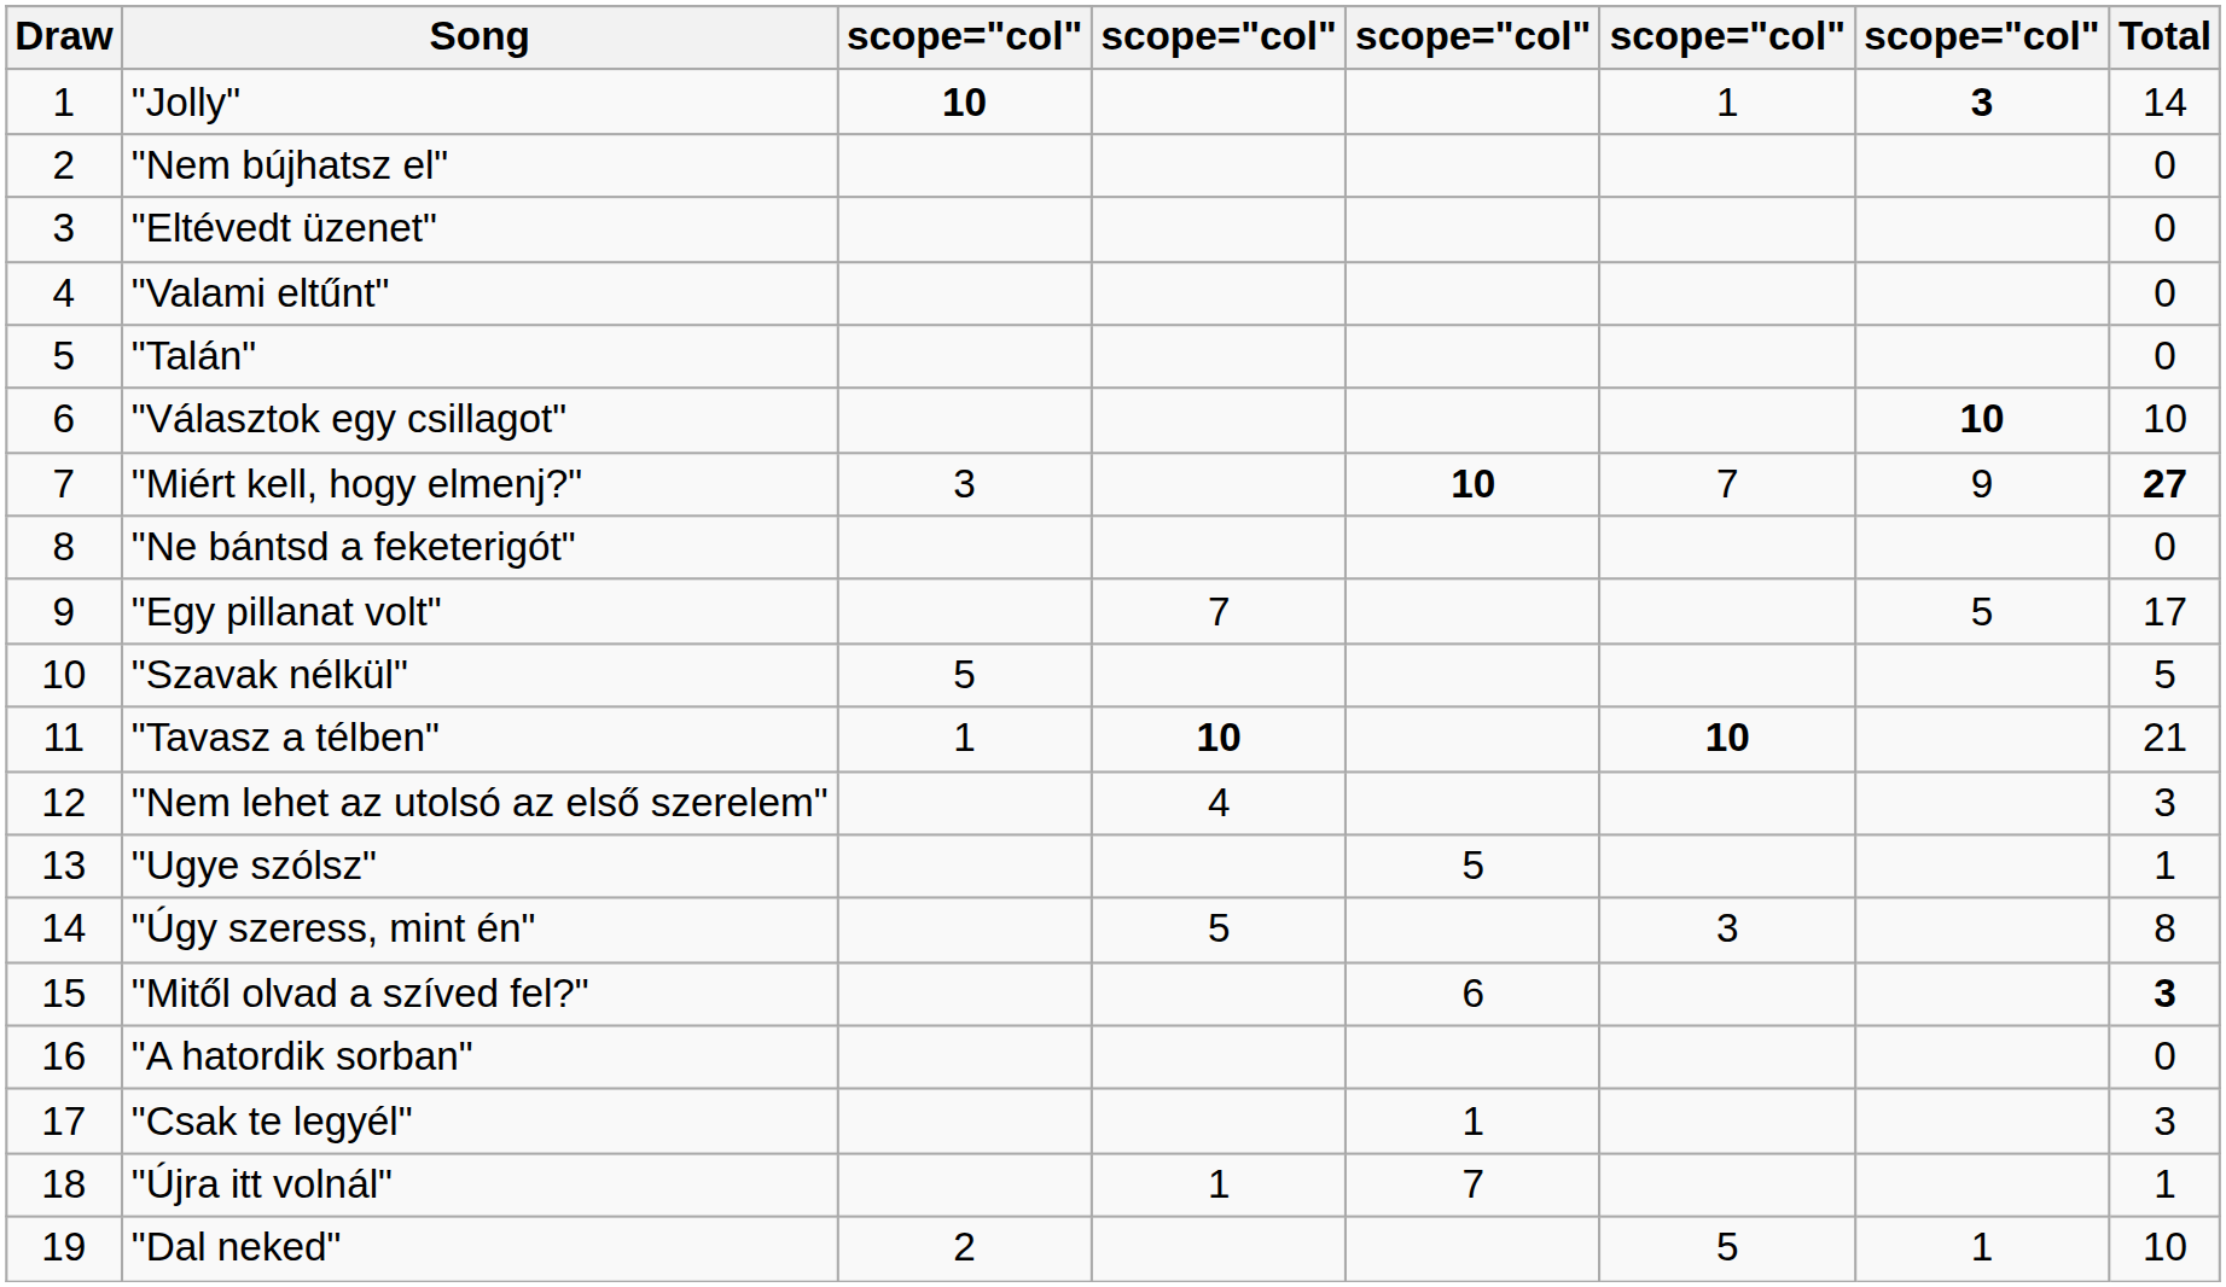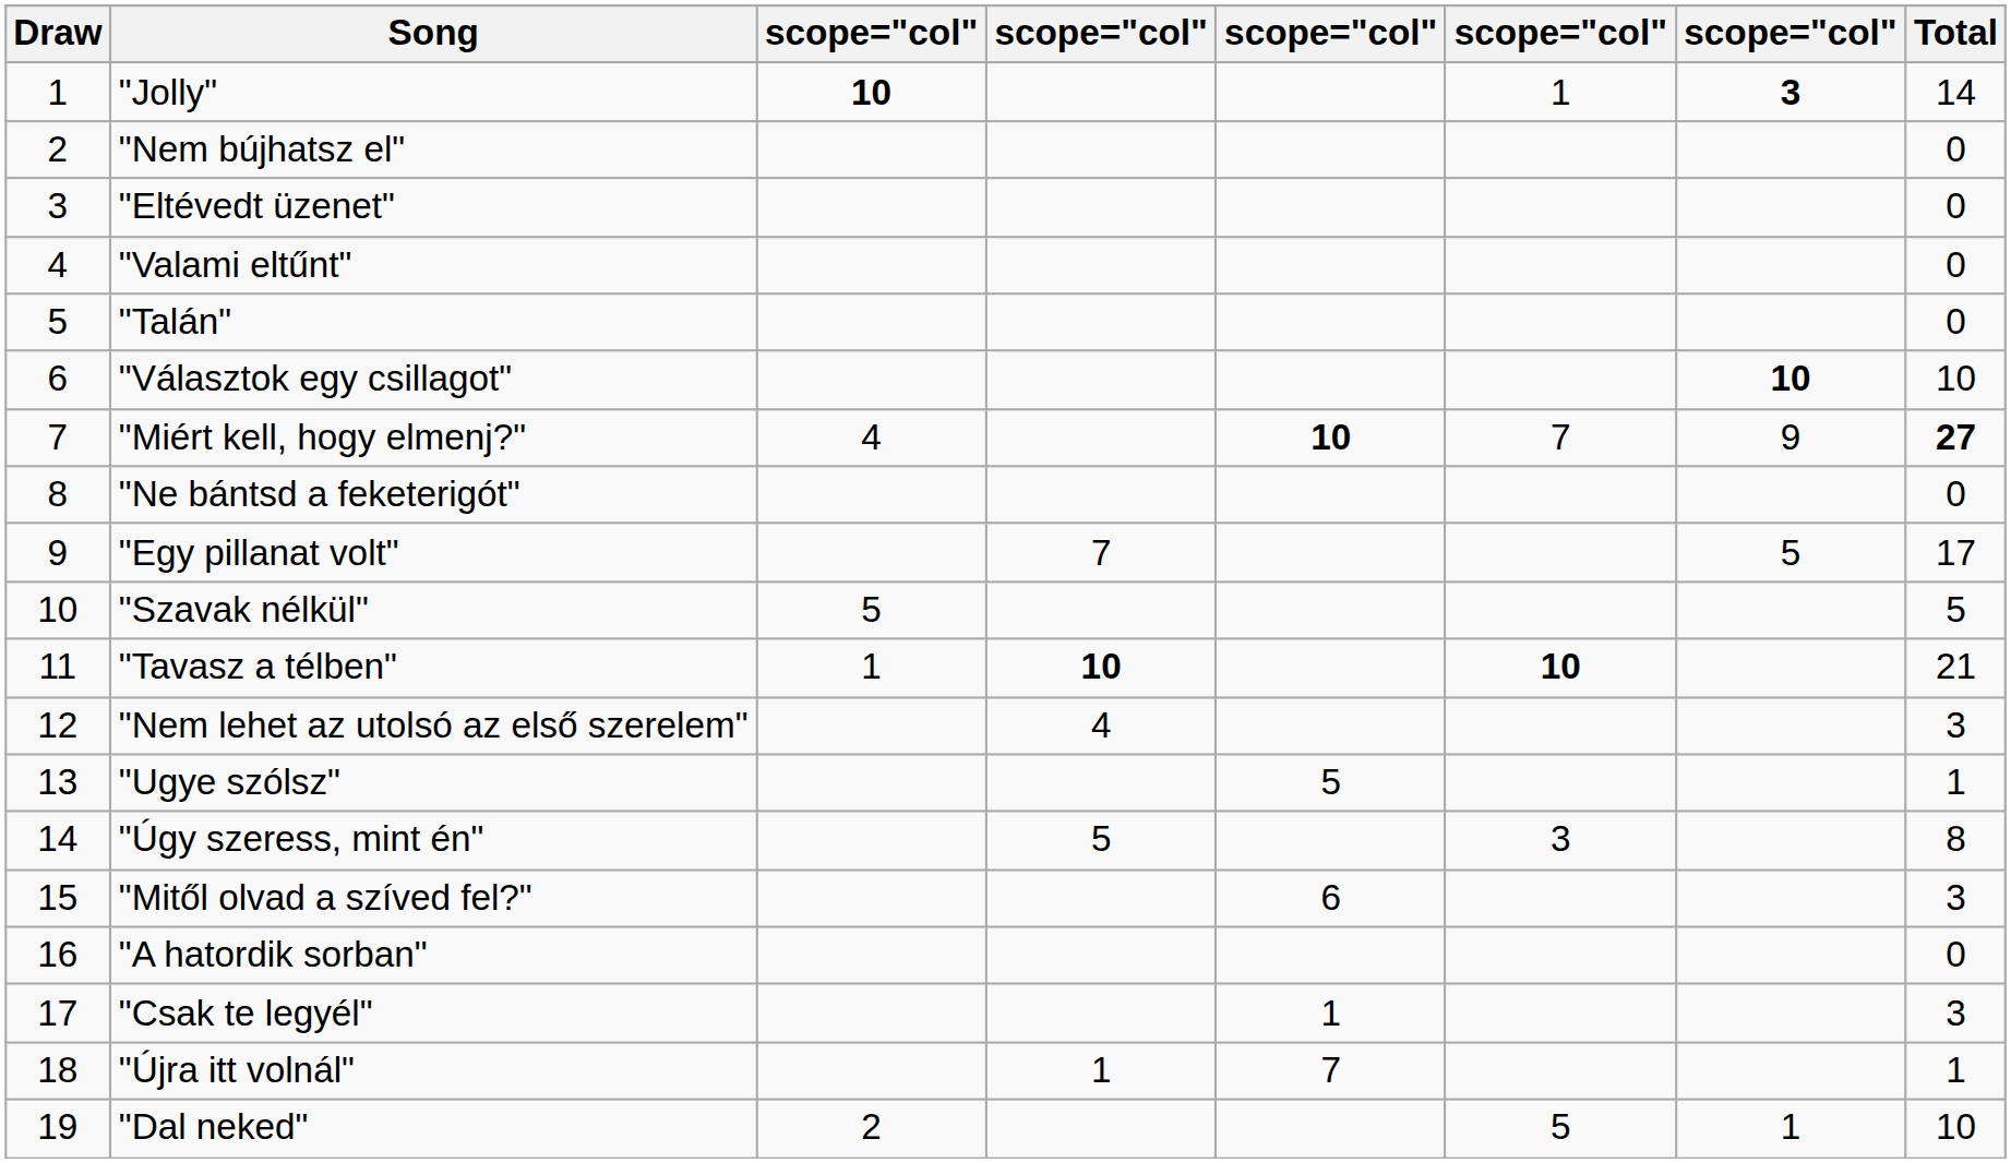 <table class="wikitable plainrowheaders" style="margin: 1em auto 1em auto; text-align:center;">
 <tr>
 </tr>
 <tr>
 <th scope="col">Draw</th>
 <th scope="col">Song</th>
 <th>scope="col" </th>
 <th>scope="col" </th>
 <th>scope="col" </th>
 <th>scope="col" </th>
 <th>scope="col" </th>
 <th scope="col">Total</th>
 </tr>
 <tr>
 <td>1</td>
 <td align="left">"Jolly"</td>
 <td><strong>10</strong></td>
 <td></td>
 <td></td>
 <td>1</td>
 <td><strong>3</strong></td>
 <td>14</td>
 </tr>
 <tr>
 <td>2</td>
 <td align="left">"Nem bújhatsz el"</td>
 <td></td>
 <td></td>
 <td></td>
 <td></td>
 <td></td>
 <td>0</td>
 </tr>
 <tr>
 <td>3</td>
 <td align="left">"Eltévedt üzenet"</td>
 <td></td>
 <td></td>
 <td></td>
 <td></td>
 <td></td>
 <td>0</td>
 </tr>
 <tr>
 <td>4</td>
 <td align="left">"Valami eltűnt"</td>
 <td></td>
 <td></td>
 <td></td>
 <td></td>
 <td></td>
 <td>0</td>
 </tr>
 <tr>
 <td>5</td>
 <td align="left">"Talán"</td>
 <td></td>
 <td></td>
 <td></td>
 <td></td>
 <td></td>
 <td>0</td>
 </tr>
 <tr>
 <td>6</td>
 <td align="left">"Választok egy csillagot"</td>
 <td></td>
 <td></td>
 <td></td>
 <td></td>
 <td><strong>10</strong></td>
 <td>10</td>
 </tr>
 <tr>
 <td>7</td>
 <td align="left">"Miért kell, hogy elmenj?"</td>
-<td>3</td>
+<td>4</td>
 <td></td>
 <td><strong>10</strong></td>
 <td>7</td>
 <td>9</td>
 <td><strong>27</strong></td>
 </tr>
 <tr>
 <td>8</td>
 <td align="left">"Ne bántsd a feketerigót"</td>
 <td></td>
 <td></td>
 <td></td>
 <td></td>
 <td></td>
 <td>0</td>
 </tr>
 <tr>
 <td>9</td>
 <td align="left">"Egy pillanat volt"</td>
 <td></td>
 <td>7</td>
 <td></td>
 <td></td>
 <td>5</td>
 <td>17</td>
 </tr>
 <tr>
 <td>10</td>
 <td align="left">"Szavak nélkül"</td>
 <td>5</td>
 <td></td>
 <td></td>
 <td></td>
 <td></td>
 <td>5</td>
 </tr>
 <tr>
 <td>11</td>
 <td align="left">"Tavasz a télben"</td>
 <td>1</td>
 <td><strong>10</strong></td>
 <td></td>
 <td><strong>10</strong></td>
 <td></td>
 <td>21</td>
 </tr>
 <tr>
 <td>12</td>
 <td align="left">"Nem lehet az utolsó az első szerelem"</td>
 <td></td>
 <td>4</td>
 <td></td>
 <td></td>
 <td></td>
 <td>3</td>
 </tr>
 <tr>
 <td>13</td>
 <td align="left">"Ugye szólsz"</td>
 <td></td>
 <td></td>
 <td>5</td>
 <td></td>
 <td></td>
 <td>1</td>
 </tr>
 <tr>
 <td>14</td>
 <td align="left">"Úgy szeress, mint én"</td>
 <td></td>
 <td>5</td>
 <td></td>
 <td>3</td>
 <td></td>
 <td>8</td>
 </tr>
 <tr>
 <td>15</td>
 <td align="left">"Mitől olvad a szíved fel?"</td>
 <td></td>
 <td></td>
 <td>6</td>
 <td></td>
 <td></td>
-<td><strong>3</strong></td>
+<td>3</td>
 </tr>
 <tr>
 <td>16</td>
 <td align="left">"A hatordik sorban"</td>
 <td></td>
 <td></td>
 <td></td>
 <td></td>
 <td></td>
 <td>0</td>
 </tr>
 <tr>
 <td>17</td>
 <td align="left">"Csak te legyél"</td>
 <td></td>
 <td></td>
 <td>1</td>
 <td></td>
 <td></td>
 <td>3</td>
 </tr>
 <tr>
 <td>18</td>
 <td align="left">"Újra itt volnál"</td>
 <td></td>
 <td>1</td>
 <td>7</td>
 <td></td>
 <td></td>
 <td>1</td>
 </tr>
 <tr>
 <td>19</td>
 <td align="left">"Dal neked"</td>
 <td>2</td>
 <td></td>
 <td></td>
 <td>5</td>
 <td>1</td>
 <td>10</td>
 </tr>
 </table>
